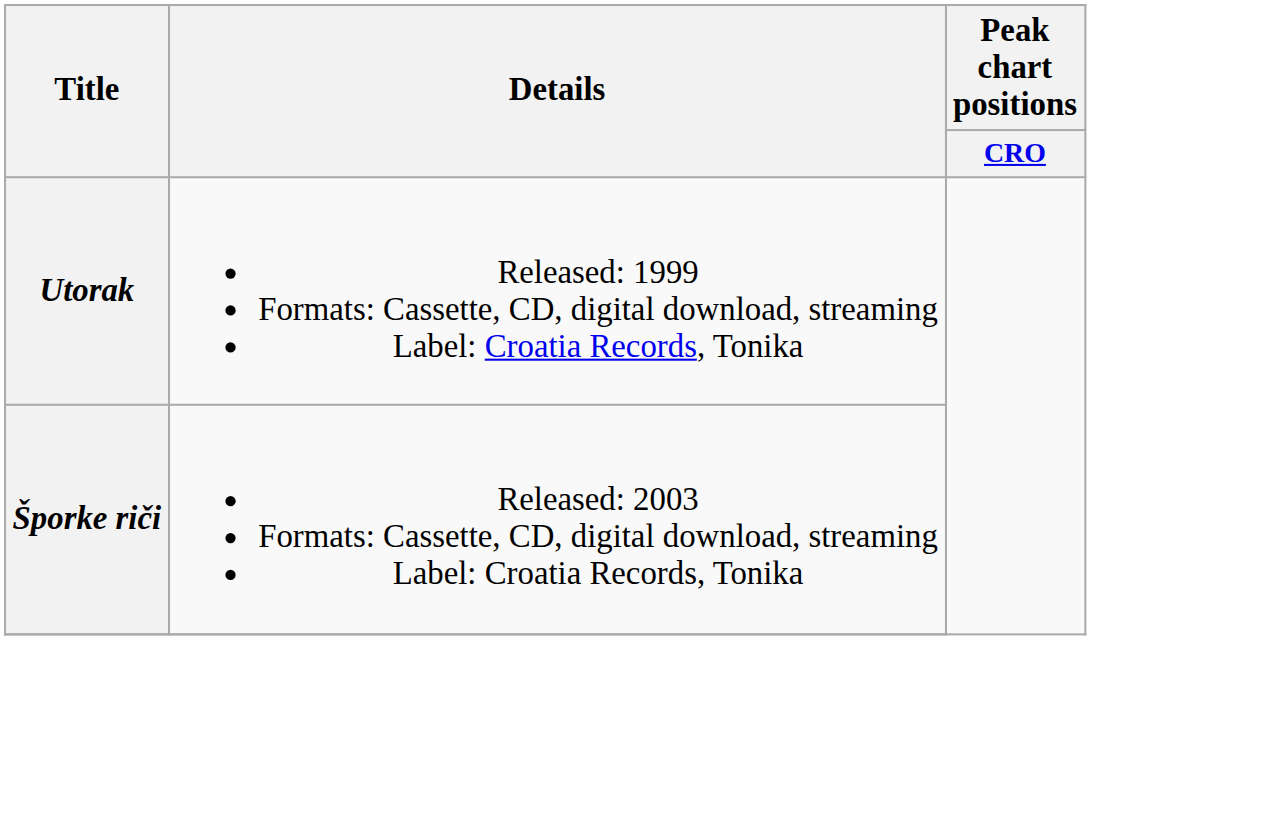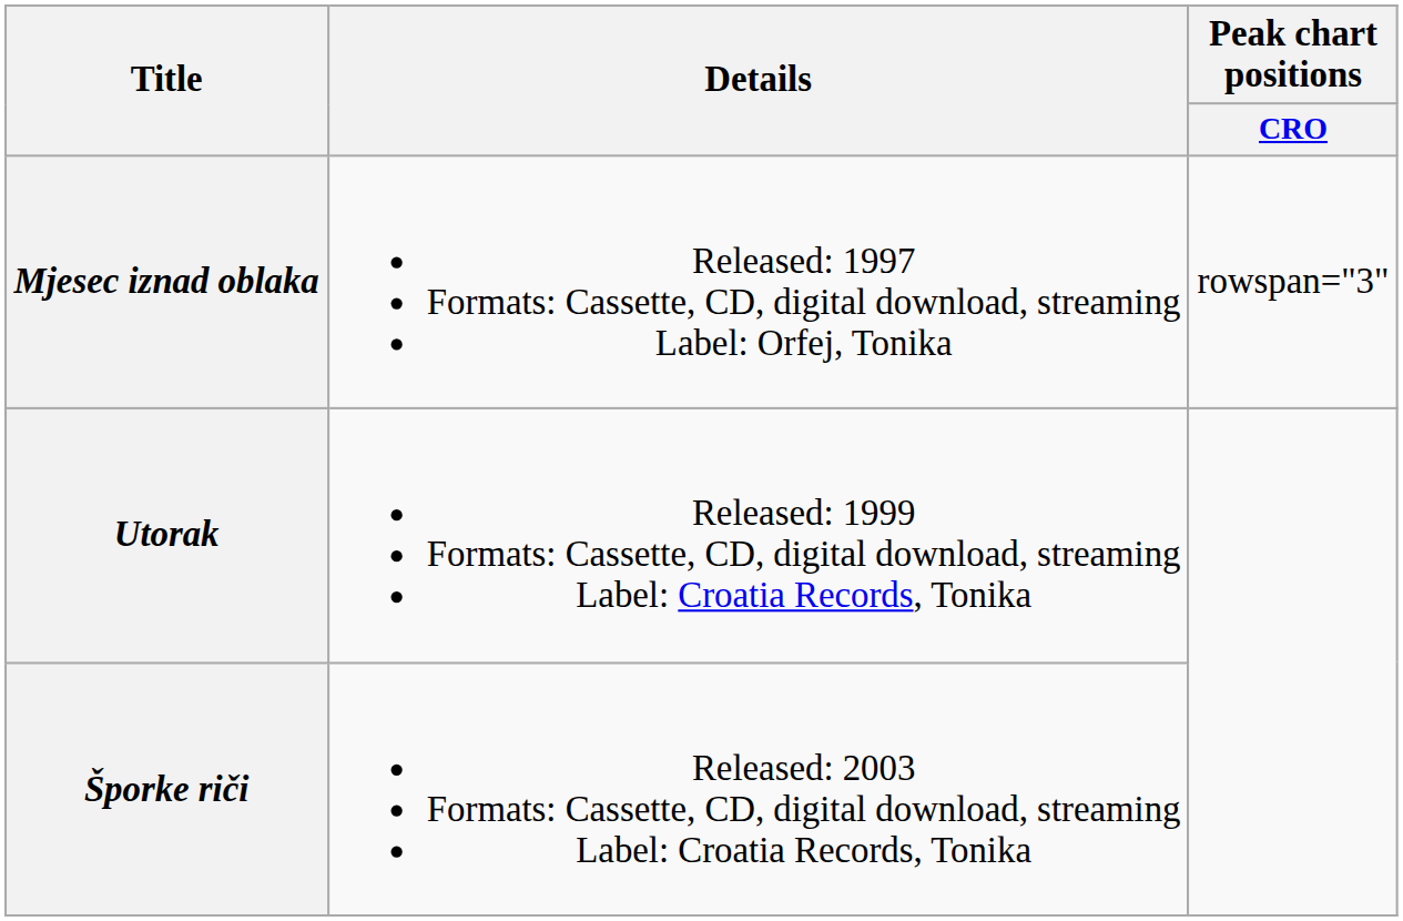 <table class="wikitable plainrowheaders" style="text-align:center;">
 <tr>
 <th scope="col" rowspan="2">Title</th>
 <th scope="col" rowspan="2">Details</th>
 <th scope="col" colspan="1">Peak chart positions</th>
 </tr>
 <tr>
 <th scope="col" style="width:3em;font-size:85%;"><a href='#'>CRO</a><br></th>
+</tr>
+<tr>
+<th scope="row"><em>Mjesec iznad oblaka</em></th>
+<td><br><ul><li>Released: 1997</li><li>Formats: Cassette, CD, digital download, streaming</li><li>Label: Orfej, Tonika</li></ul></td>
+<td>rowspan="3" </td>
 </tr>
 <tr>
 <th scope="row"><em>Utorak</em></th>
 <td><br><ul><li>Released: 1999</li><li>Formats: Cassette, CD, digital download, streaming</li><li>Label: <a href='#'>Croatia Records</a>, Tonika</li></ul></td>
 </tr>
 <tr>
 <th scope="row"><em>Šporke riči</em></th>
 <td><br><ul><li>Released: 2003</li><li>Formats: Cassette, CD, digital download, streaming</li><li>Label: Croatia Records, Tonika</li></ul></td>
 </tr>
 <tr>
 </tr>
 </table>
